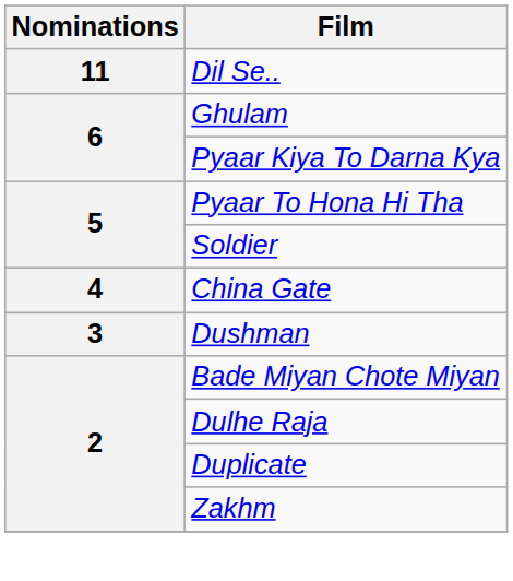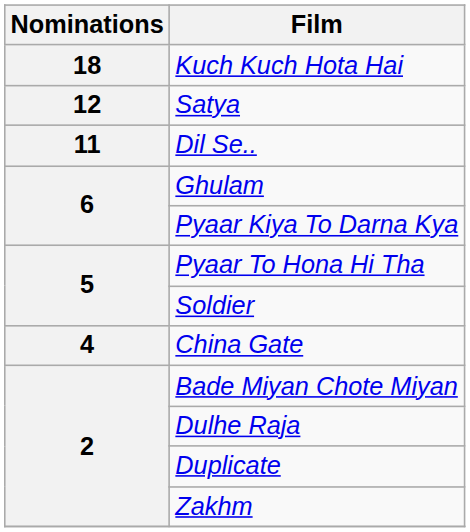 <table class="wikitable" style="display:inline-table;">
 <tr>
 <th>Nominations</th>
 <th>Film</th>
+</tr>
+<tr>
+<th>18</th>
+<td><em><a href='#'>Kuch Kuch Hota Hai</a></em></td>
+</tr>
+<tr>
+<th>12</th>
+<td><em><a href='#'>Satya</a></em></td>
 </tr>
 <tr>
 <th>11</th>
 <td><em><a href='#'>Dil Se..</a></em></td>
 </tr>
 <tr>
 <th rowspan="2">6</th>
 <td><em><a href='#'>Ghulam</a></em></td>
 </tr>
 <tr>
 <td><em><a href='#'>Pyaar Kiya To Darna Kya</a></em></td>
 </tr>
 <tr>
 <th rowspan="2">5</th>
 <td><em><a href='#'>Pyaar To Hona Hi Tha</a></em></td>
 </tr>
 <tr>
 <td><em><a href='#'>Soldier</a></em></td>
 </tr>
 <tr>
 <th>4</th>
 <td><em><a href='#'>China Gate</a></em></td>
 </tr>
 <tr>
-<th>3</th>
-<td><em><a href='#'>Dushman</a></em></td>
-</tr>
-<tr>
 <th rowspan="4">2</th>
 <td><em><a href='#'>Bade Miyan Chote Miyan</a></em></td>
 </tr>
 <tr>
 <td><em><a href='#'>Dulhe Raja</a></em></td>
 </tr>
 <tr>
 <td><em><a href='#'>Duplicate</a></em></td>
 </tr>
 <tr>
 <td><em><a href='#'>Zakhm</a></em></td>
 </tr>
 <tr>
 </tr>
 </table>
